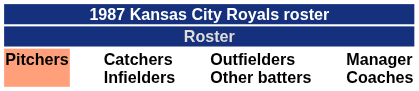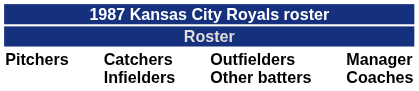 <table class="toccolours" style="font-size: 95%;">
 <tr>
 <th colspan="10" style="background-color: #15317E; color: #FFFFFF; text-align: center;">1987 Kansas City Royals roster</th>
 </tr>
 <tr>
 <td colspan="10" style="background-color: #15317E; color: #DFDCDA; text-align: center;"><strong>Roster</strong></td>
 </tr>
 <tr>
-<td valign="top" style="background: lightsalmon;"><strong>Pitchers</strong><br>              </td>
+<td valign="top"><strong>Pitchers</strong><br>              </td>
 <td width="25px"></td>
 <td valign="top"><strong>Catchers</strong><br>    <strong>Infielders</strong>         </td>
 <td width="25px"></td>
 <td valign="top"><strong>Outfielders</strong><br>       <strong>Other batters</strong>   </td>
 <td width="25px"></td>
 <td valign="top"><strong>Manager</strong><br>  <strong>Coaches</strong>      </td>
 </tr>
 <tr>
 </tr>
 </table>
